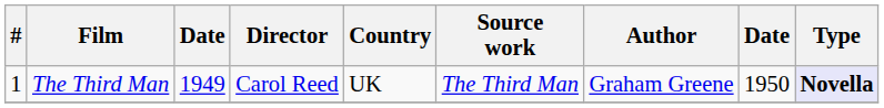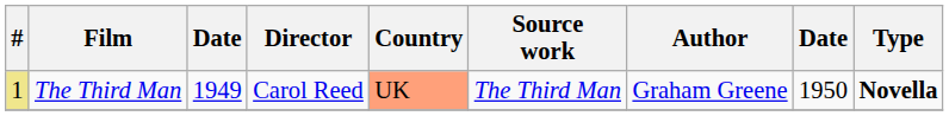 <table class="wikitable">
 <tr>
 <th>#</th>
 <th>Film</th>
 <th>Date</th>
 <th>Director</th>
 <th>Country</th>
 <th>Source<br>work</th>
 <th>Author</th>
 <th>Date</th>
 <th>Type</th>
 </tr>
 <tr>
-<td>1</td>
+<td style="background: khaki;">1</td>
 <td><em><a href='#'>The Third Man</a></em></td>
 <td><a href='#'>1949</a></td>
 <td><a href='#'>Carol Reed</a></td>
-<td>UK</td>
+<td style="background: lightsalmon;">UK</td>
 <td><em><a href='#'>The Third Man</a></em></td>
 <td><a href='#'>Graham Greene</a></td>
 <td>1950</td>
-<td style="background: lavender;"><strong>Novella</strong></td>
+<td><strong>Novella</strong></td>
 </tr>
 <tr>
 </tr>
 </table>
